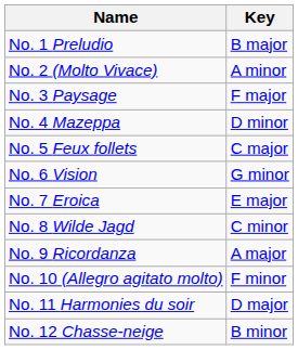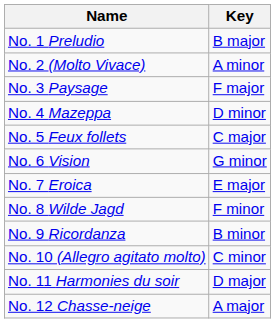 <table class="wikitable">
 <tr>
 <th>Name</th>
 <th>Key</th>
 </tr>
 <tr>
 <td><a href='#'>No. 1 <em>Preludio</em></a></td>
 <td><a href='#'>B major</a></td>
 </tr>
 <tr>
 <td><a href='#'>No. 2 <em>(Molto Vivace)</em></a></td>
 <td><a href='#'>A minor</a></td>
 </tr>
 <tr>
 <td><a href='#'>No. 3 <em>Paysage</em></a></td>
 <td><a href='#'>F major</a></td>
 </tr>
 <tr>
 <td><a href='#'>No. 4 <em>Mazeppa</em></a></td>
 <td><a href='#'>D minor</a></td>
 </tr>
 <tr>
 <td><a href='#'>No. 5 <em>Feux follets</em></a></td>
 <td><a href='#'>C major</a></td>
 </tr>
 <tr>
 <td><a href='#'>No. 6 <em>Vision</em></a></td>
 <td><a href='#'>G minor</a></td>
 </tr>
 <tr>
 <td><a href='#'>No. 7 <em>Eroica</em></a></td>
 <td><a href='#'>E major</a></td>
 </tr>
 <tr>
 <td><a href='#'>No. 8 <em>Wilde Jagd</em></a></td>
-<td><a href='#'>C minor</a></td>
+<td><a href='#'>F minor</a></td>
 </tr>
 <tr>
 <td><a href='#'>No. 9 <em>Ricordanza</em></a></td>
-<td><a href='#'>A major</a></td>
+<td><a href='#'>B minor</a></td>
 </tr>
 <tr>
 <td><a href='#'>No. 10 <em>(Allegro agitato molto)</em></a></td>
-<td><a href='#'>F minor</a></td>
+<td><a href='#'>C minor</a></td>
 </tr>
 <tr>
 <td><a href='#'>No. 11 <em>Harmonies du soir</em></a></td>
 <td><a href='#'>D major</a></td>
 </tr>
 <tr>
 <td><a href='#'>No. 12 <em>Chasse-neige</em></a></td>
-<td><a href='#'>B minor</a></td>
+<td><a href='#'>A major</a></td>
 </tr>
 </table>
